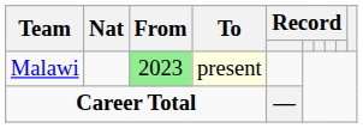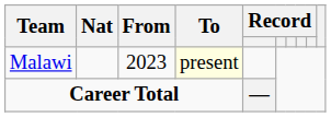 <table class="wikitable" style="text-align: center">
 <tr>
 <th rowspan="2">Team</th>
 <th rowspan="2">Nat</th>
 <th rowspan="2">From</th>
 <th rowspan="2">To</th>
 <th colspan="5">Record</th>
 <th rowspan=2></th>
 </tr>
 <tr>
 <th></th>
 <th></th>
 <th></th>
 <th></th>
 <th></th>
 </tr>
 <tr>
 <td align="left"><a href='#'>Malawi</a></td>
 <td align="center"></td>
-<td align="center" style="background: lightgreen;">2023</td>
+<td align="center">2023</td>
 <td align="center" style="background: lightyellow;">present<br></td>
 <td></td>
 </tr>
 <tr>
 <td colspan=4><strong>Career Total</strong><br></td>
 <th>—</th>
 </tr>
 </table>
